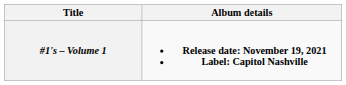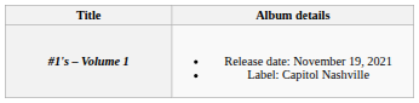 <table class="wikitable plainrowheaders" style="text-align:center;" border="1">
 <tr>
 <th scope="col" style="width:13em;">Title</th>
 <th scope="col" style="width:19em;">Album details</th>
 </tr>
 <tr>
 <th scope="row"><em>#1's – Volume 1</em></th>
-<td><strong><br><ul><li>Release date: November 19, 2021</li><li>Label: Capitol Nashville</li></ul></strong></td>
+<td><br><ul><li>Release date: November 19, 2021</li><li>Label: Capitol Nashville</li></ul></td>
 </tr>
 </table>
